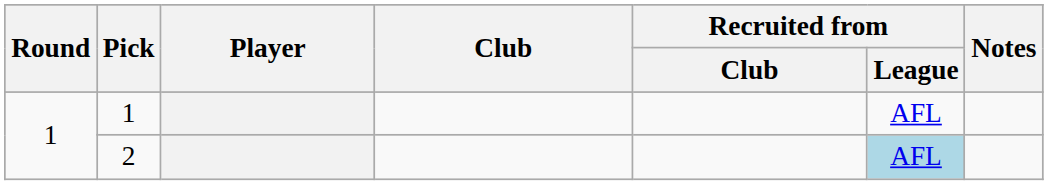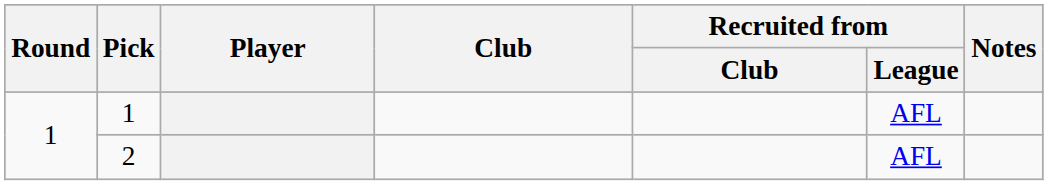 <table class="wikitable sortable plainrowheaders" style="text-align:center;">
 <tr>
 <th rowspan=2>Round</th>
 <th rowspan=2>Pick</th>
 <th rowspan=2 style="width: 90pt">Player</th>
 <th rowspan=2 style="width: 110pt">Club</th>
 <th colspan=2>Recruited from</th>
 <th class="unsortable" rowspan=2>Notes</th>
 </tr>
 <tr>
 <th style="width: 100pt">Club</th>
 <th>League</th>
 </tr>
 <tr>
 <td rowspan=2>1</td>
 <td>1</td>
 <th scope=row></th>
 <td></td>
 <td></td>
 <td><a href='#'>AFL</a></td>
 <td></td>
 </tr>
 <tr>
 <td>2</td>
 <th scope=row></th>
 <td></td>
 <td></td>
-<td style="background: lightblue;"><a href='#'>AFL</a></td>
+<td><a href='#'>AFL</a></td>
 <td></td>
 </tr>
 </table>
